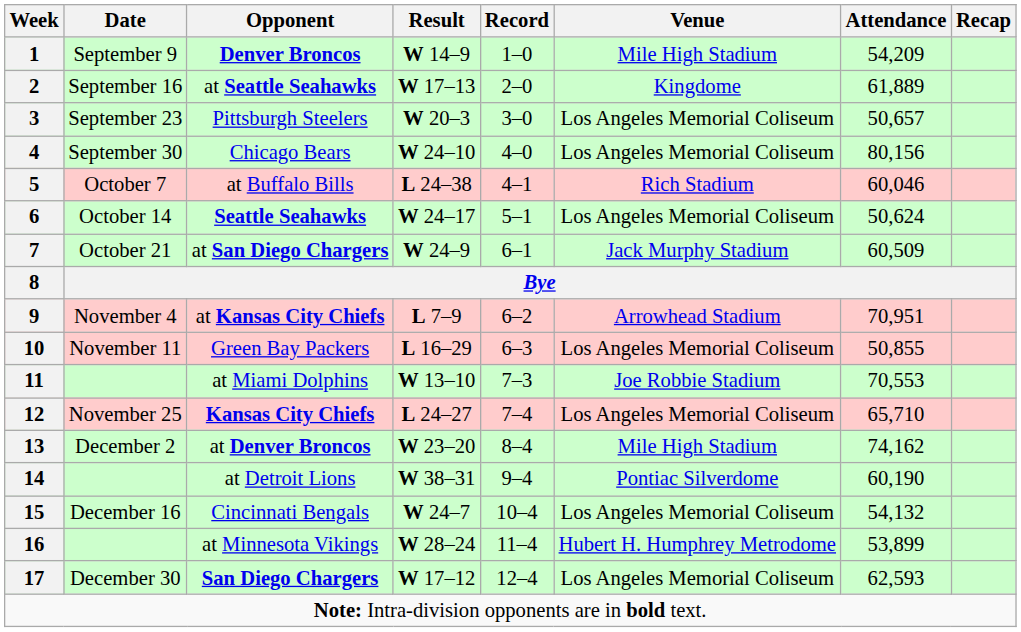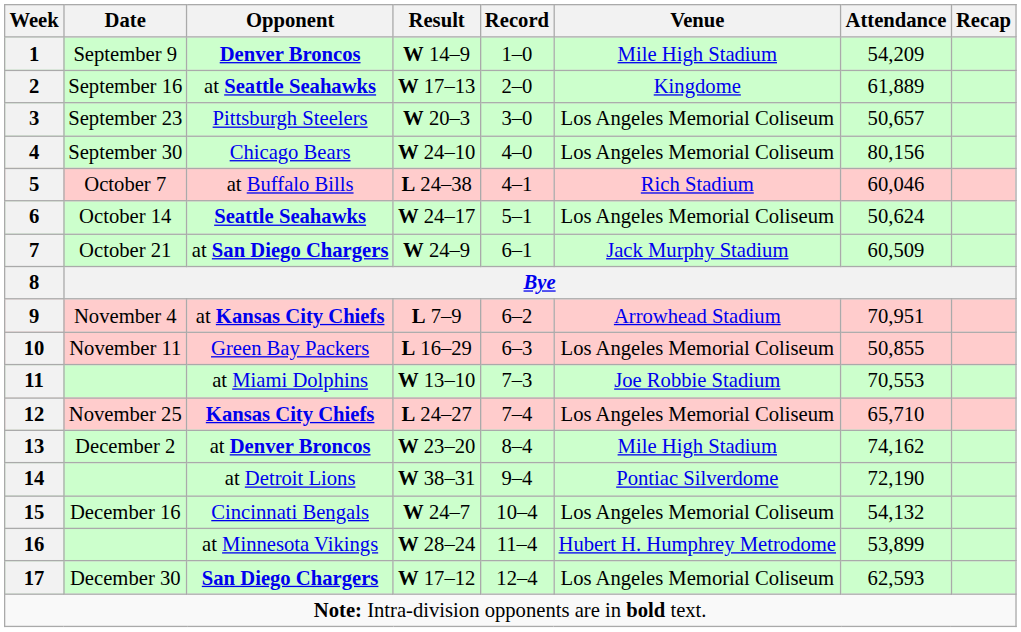 <table class="wikitable" style="text-align:center">
 <tr>
 <th>Week</th>
 <th>Date</th>
 <th>Opponent</th>
 <th>Result</th>
 <th>Record</th>
 <th>Venue</th>
 <th>Attendance</th>
 <th>Recap</th>
 </tr>
 <tr style="background: #cfc;">
 <th>1</th>
 <td>September 9</td>
 <td><strong><a href='#'>Denver Broncos</a></strong></td>
 <td><strong>W</strong> 14–9</td>
 <td>1–0</td>
 <td><a href='#'>Mile High Stadium</a></td>
 <td>54,209</td>
 <td></td>
 </tr>
 <tr style="background: #cfc;">
 <th>2</th>
 <td>September 16</td>
 <td>at <strong><a href='#'>Seattle Seahawks</a></strong></td>
 <td><strong>W</strong> 17–13</td>
 <td>2–0</td>
 <td><a href='#'>Kingdome</a></td>
 <td>61,889</td>
 <td></td>
 </tr>
 <tr style="background: #cfc;">
 <th>3</th>
 <td>September 23</td>
 <td><a href='#'>Pittsburgh Steelers</a></td>
 <td><strong>W</strong> 20–3</td>
 <td>3–0</td>
 <td>Los Angeles Memorial Coliseum</td>
 <td>50,657</td>
 <td></td>
 </tr>
 <tr style="background: #cfc;">
 <th>4</th>
 <td>September 30</td>
 <td><a href='#'>Chicago Bears</a></td>
 <td><strong>W</strong> 24–10</td>
 <td>4–0</td>
 <td>Los Angeles Memorial Coliseum</td>
 <td>80,156</td>
 <td></td>
 </tr>
 <tr style="background: #fcc;">
 <th>5</th>
 <td>October 7</td>
 <td>at <a href='#'>Buffalo Bills</a></td>
 <td><strong>L</strong> 24–38</td>
 <td>4–1</td>
 <td><a href='#'>Rich Stadium</a></td>
 <td>60,046</td>
 <td></td>
 </tr>
 <tr style="background: #cfc;">
 <th>6</th>
 <td>October 14</td>
 <td><strong><a href='#'>Seattle Seahawks</a></strong></td>
 <td><strong>W</strong> 24–17</td>
 <td>5–1</td>
 <td>Los Angeles Memorial Coliseum</td>
 <td>50,624</td>
 <td></td>
 </tr>
 <tr style="background: #cfc;">
 <th>7</th>
 <td>October 21</td>
 <td>at <strong><a href='#'>San Diego Chargers</a></strong></td>
 <td><strong>W</strong> 24–9</td>
 <td>6–1</td>
 <td><a href='#'>Jack Murphy Stadium</a></td>
 <td>60,509</td>
 <td></td>
 </tr>
 <tr>
 <th>8</th>
 <th colspan="7"><em><a href='#'>Bye</a></em></th>
 </tr>
 <tr style="background: #fcc;">
 <th>9</th>
 <td>November 4</td>
 <td>at <strong><a href='#'>Kansas City Chiefs</a></strong></td>
 <td><strong>L</strong> 7–9</td>
 <td>6–2</td>
 <td><a href='#'>Arrowhead Stadium</a></td>
 <td>70,951</td>
 <td></td>
 </tr>
 <tr style="background: #fcc;">
 <th>10</th>
 <td>November 11</td>
 <td><a href='#'>Green Bay Packers</a></td>
 <td><strong>L</strong> 16–29</td>
 <td>6–3</td>
 <td>Los Angeles Memorial Coliseum</td>
 <td>50,855</td>
 <td></td>
 </tr>
 <tr style="background: #cfc;">
 <th>11</th>
 <td></td>
 <td>at <a href='#'>Miami Dolphins</a></td>
 <td><strong>W</strong> 13–10</td>
 <td>7–3</td>
 <td><a href='#'>Joe Robbie Stadium</a></td>
 <td>70,553</td>
 <td></td>
 </tr>
 <tr style="background: #fcc;">
 <th>12</th>
 <td>November 25</td>
 <td><strong><a href='#'>Kansas City Chiefs</a></strong></td>
 <td><strong>L</strong> 24–27</td>
 <td>7–4</td>
 <td>Los Angeles Memorial Coliseum</td>
 <td>65,710</td>
 <td></td>
 </tr>
 <tr style="background: #cfc;">
 <th>13</th>
 <td>December 2</td>
 <td>at <strong><a href='#'>Denver Broncos</a></strong></td>
 <td><strong>W</strong> 23–20</td>
 <td>8–4</td>
 <td><a href='#'>Mile High Stadium</a></td>
 <td>74,162</td>
 <td></td>
 </tr>
 <tr style="background: #cfc;">
 <th>14</th>
 <td></td>
 <td>at <a href='#'>Detroit Lions</a></td>
 <td><strong>W</strong> 38–31</td>
 <td>9–4</td>
 <td><a href='#'>Pontiac Silverdome</a></td>
-<td>60,190</td>
+<td>72,190</td>
 <td></td>
 </tr>
 <tr style="background: #cfc;">
 <th>15</th>
 <td>December 16</td>
 <td><a href='#'>Cincinnati Bengals</a></td>
 <td><strong>W</strong> 24–7</td>
 <td>10–4</td>
 <td>Los Angeles Memorial Coliseum</td>
 <td>54,132</td>
 <td></td>
 </tr>
 <tr style="background: #cfc;">
 <th>16</th>
 <td></td>
 <td>at <a href='#'>Minnesota Vikings</a></td>
 <td><strong>W</strong> 28–24</td>
 <td>11–4</td>
 <td><a href='#'>Hubert H. Humphrey Metrodome</a></td>
 <td>53,899</td>
 <td></td>
 </tr>
 <tr style="background: #cfc;">
 <th>17</th>
 <td>December 30</td>
 <td><strong><a href='#'>San Diego Chargers</a></strong></td>
 <td><strong>W</strong> 17–12</td>
 <td>12–4</td>
 <td>Los Angeles Memorial Coliseum</td>
 <td>62,593</td>
 <td></td>
 </tr>
 <tr>
 <td colspan="8"><strong>Note:</strong> Intra-division opponents are in <strong>bold</strong> text.</td>
 </tr>
 </table>
